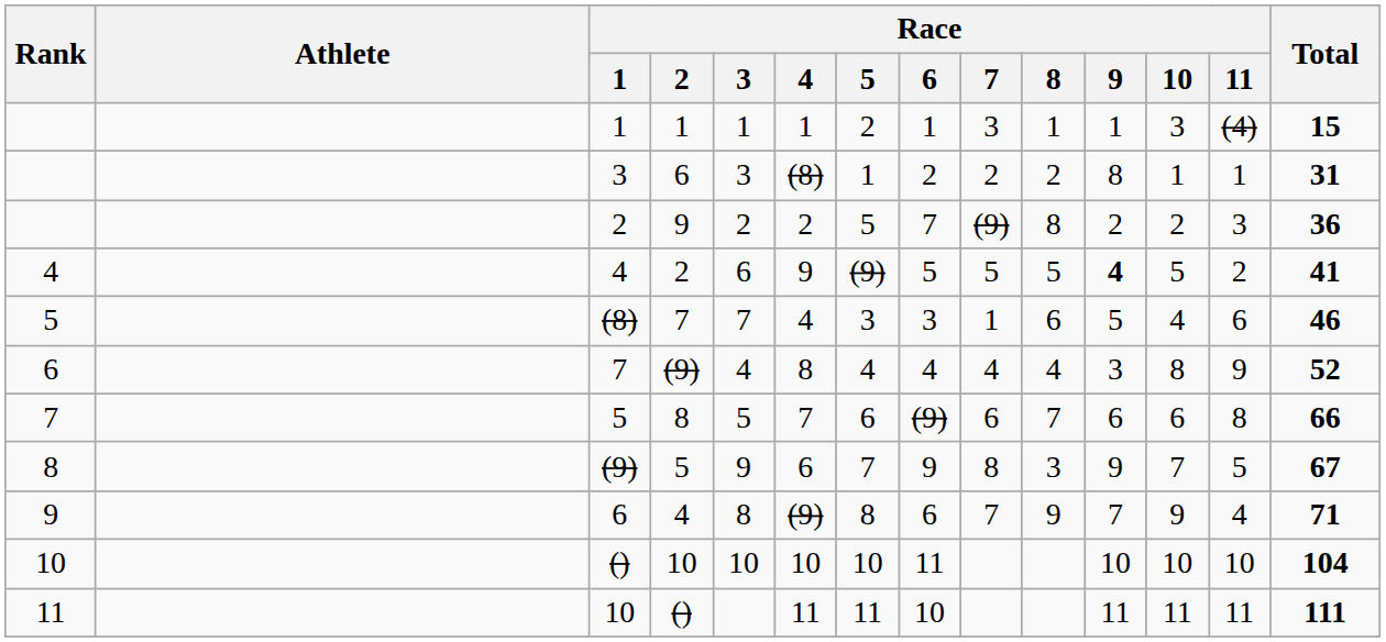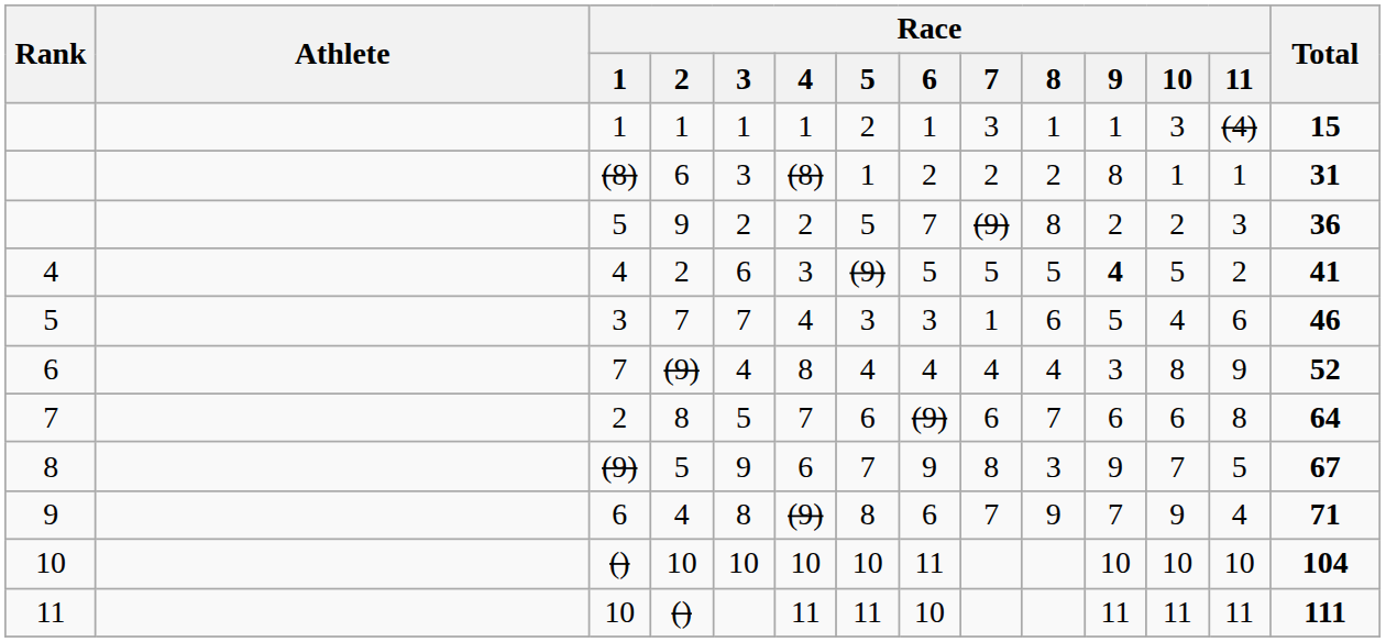 <table | class="wikitable" style="text-align:center">
 <tr>
 <th rowspan="2" width=40>Rank</th>
 <th rowspan="2" width=250>Athlete</th>
 <th colspan="11">Race</th>
 <th rowspan="2" width=50>Total</th>
 </tr>
 <tr>
 <th width=25>1</th>
 <th width=25>2</th>
 <th width=25>3</th>
 <th width=25>4</th>
 <th width=25>5</th>
 <th width=25>6</th>
 <th width=25>7</th>
 <th width=25>8</th>
 <th width=25>9</th>
 <th width=25>10</th>
 <th width=25>11</th>
 </tr>
 <tr>
 <td></td>
 <td align=left></td>
 <td>1</td>
 <td>1</td>
 <td>1</td>
 <td>1</td>
 <td>2</td>
 <td>1</td>
 <td>3</td>
 <td>1</td>
 <td>1</td>
 <td>3</td>
 <td><s>(4)</s></td>
 <td><strong>15</strong></td>
 </tr>
 <tr>
 <td></td>
 <td align=left></td>
-<td>3</td>
+<td><s>(8)</s></td>
 <td>6</td>
 <td>3</td>
 <td><s>(8)</s></td>
 <td>1</td>
 <td>2</td>
 <td>2</td>
 <td>2</td>
 <td>8</td>
 <td>1</td>
 <td>1</td>
 <td><strong>31</strong></td>
 </tr>
 <tr>
 <td></td>
 <td align=left></td>
-<td>2</td>
+<td>5</td>
 <td>9</td>
 <td>2</td>
 <td>2</td>
 <td>5</td>
 <td>7</td>
 <td><s>(9)</s></td>
 <td>8</td>
 <td>2</td>
 <td>2</td>
 <td>3</td>
 <td><strong>36</strong></td>
 </tr>
 <tr>
 <td>4</td>
 <td align=left></td>
 <td>4</td>
 <td>2</td>
 <td>6</td>
-<td>9</td>
+<td>3</td>
 <td><s>(9)</s></td>
 <td>5</td>
 <td>5</td>
 <td>5</td>
 <td><strong>4</strong></td>
 <td>5</td>
 <td>2</td>
 <td><strong>41</strong></td>
 </tr>
 <tr>
 <td>5</td>
 <td align=left></td>
-<td><s>(8)</s></td>
+<td>3</td>
 <td>7</td>
 <td>7</td>
 <td>4</td>
 <td>3</td>
 <td>3</td>
 <td>1</td>
 <td>6</td>
 <td>5</td>
 <td>4</td>
 <td>6</td>
 <td><strong>46</strong></td>
 </tr>
 <tr>
 <td>6</td>
 <td align=left></td>
 <td>7</td>
 <td><s>(9)</s></td>
 <td>4</td>
 <td>8</td>
 <td>4</td>
 <td>4</td>
 <td>4</td>
 <td>4</td>
 <td>3</td>
 <td>8</td>
 <td>9</td>
 <td><strong>52</strong></td>
 </tr>
 <tr>
 <td>7</td>
 <td align=left></td>
-<td>5</td>
+<td>2</td>
 <td>8</td>
 <td>5</td>
 <td>7</td>
 <td>6</td>
 <td><s>(9)</s></td>
 <td>6</td>
 <td>7</td>
 <td>6</td>
 <td>6</td>
 <td>8</td>
-<td><strong>66</strong></td>
+<td><strong>64</strong></td>
 </tr>
 <tr>
 <td>8</td>
 <td align=left></td>
 <td><s>(9)</s></td>
 <td>5</td>
 <td>9</td>
 <td>6</td>
 <td>7</td>
 <td>9</td>
 <td>8</td>
 <td>3</td>
 <td>9</td>
 <td>7</td>
 <td>5</td>
 <td><strong>67</strong></td>
 </tr>
 <tr>
 <td>9</td>
 <td align=left></td>
 <td>6</td>
 <td>4</td>
 <td>8</td>
 <td><s>(9)</s></td>
 <td>8</td>
 <td>6</td>
 <td>7</td>
 <td>9</td>
 <td>7</td>
 <td>9</td>
 <td>4</td>
 <td><strong>71</strong></td>
 </tr>
 <tr>
 <td>10</td>
 <td align=left></td>
 <td><s>()</s></td>
 <td>10</td>
 <td>10</td>
 <td>10</td>
 <td>10</td>
 <td>11</td>
 <td></td>
 <td></td>
 <td>10</td>
 <td>10</td>
 <td>10</td>
 <td><strong>104</strong></td>
 </tr>
 <tr>
 <td>11</td>
 <td align=left></td>
 <td>10</td>
 <td><s>()</s></td>
 <td></td>
 <td>11</td>
 <td>11</td>
 <td>10</td>
 <td></td>
 <td></td>
 <td>11</td>
 <td>11</td>
 <td>11</td>
 <td><strong>111</strong></td>
 </tr>
 </table>
